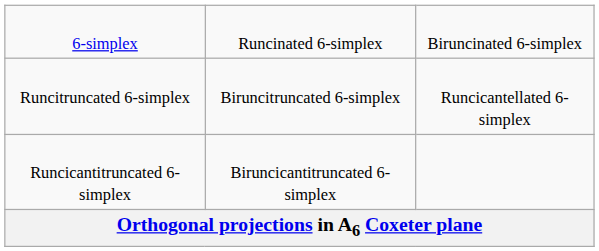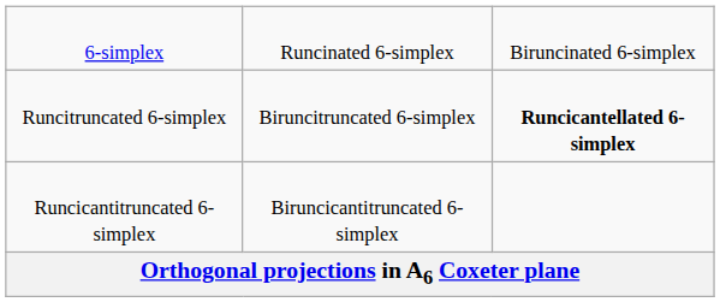 <table class=wikitable align=right width=480 style="margin-left:1em;">
 <tr align=center valign=top>
 <td><br><small><a href='#'>6-simplex</a></small><br></td>
 <td><br><small>Runcinated 6-simplex</small><br></td>
 <td><br><small>Biruncinated 6-simplex</small><br></td>
 </tr>
 <tr align=center valign=top>
 <td><br><small>Runcitruncated 6-simplex</small><br></td>
 <td><br><small>Biruncitruncated 6-simplex</small><br></td>
-<td><br><small>Runcicantellated 6-simplex</small><br></td>
+<td><strong><br><small>Runcicantellated 6-simplex</small><br></strong></td>
 </tr>
 <tr align=center valign=top>
 <td><br><small>Runcicantitruncated 6-simplex</small><br></td>
 <td><br><small>Biruncicantitruncated 6-simplex</small><br></td>
 </tr>
 <tr>
 <th colspan=3><a href='#'>Orthogonal projections</a> in A<sub>6</sub> <a href='#'>Coxeter plane</a></th>
 </tr>
 </table>
